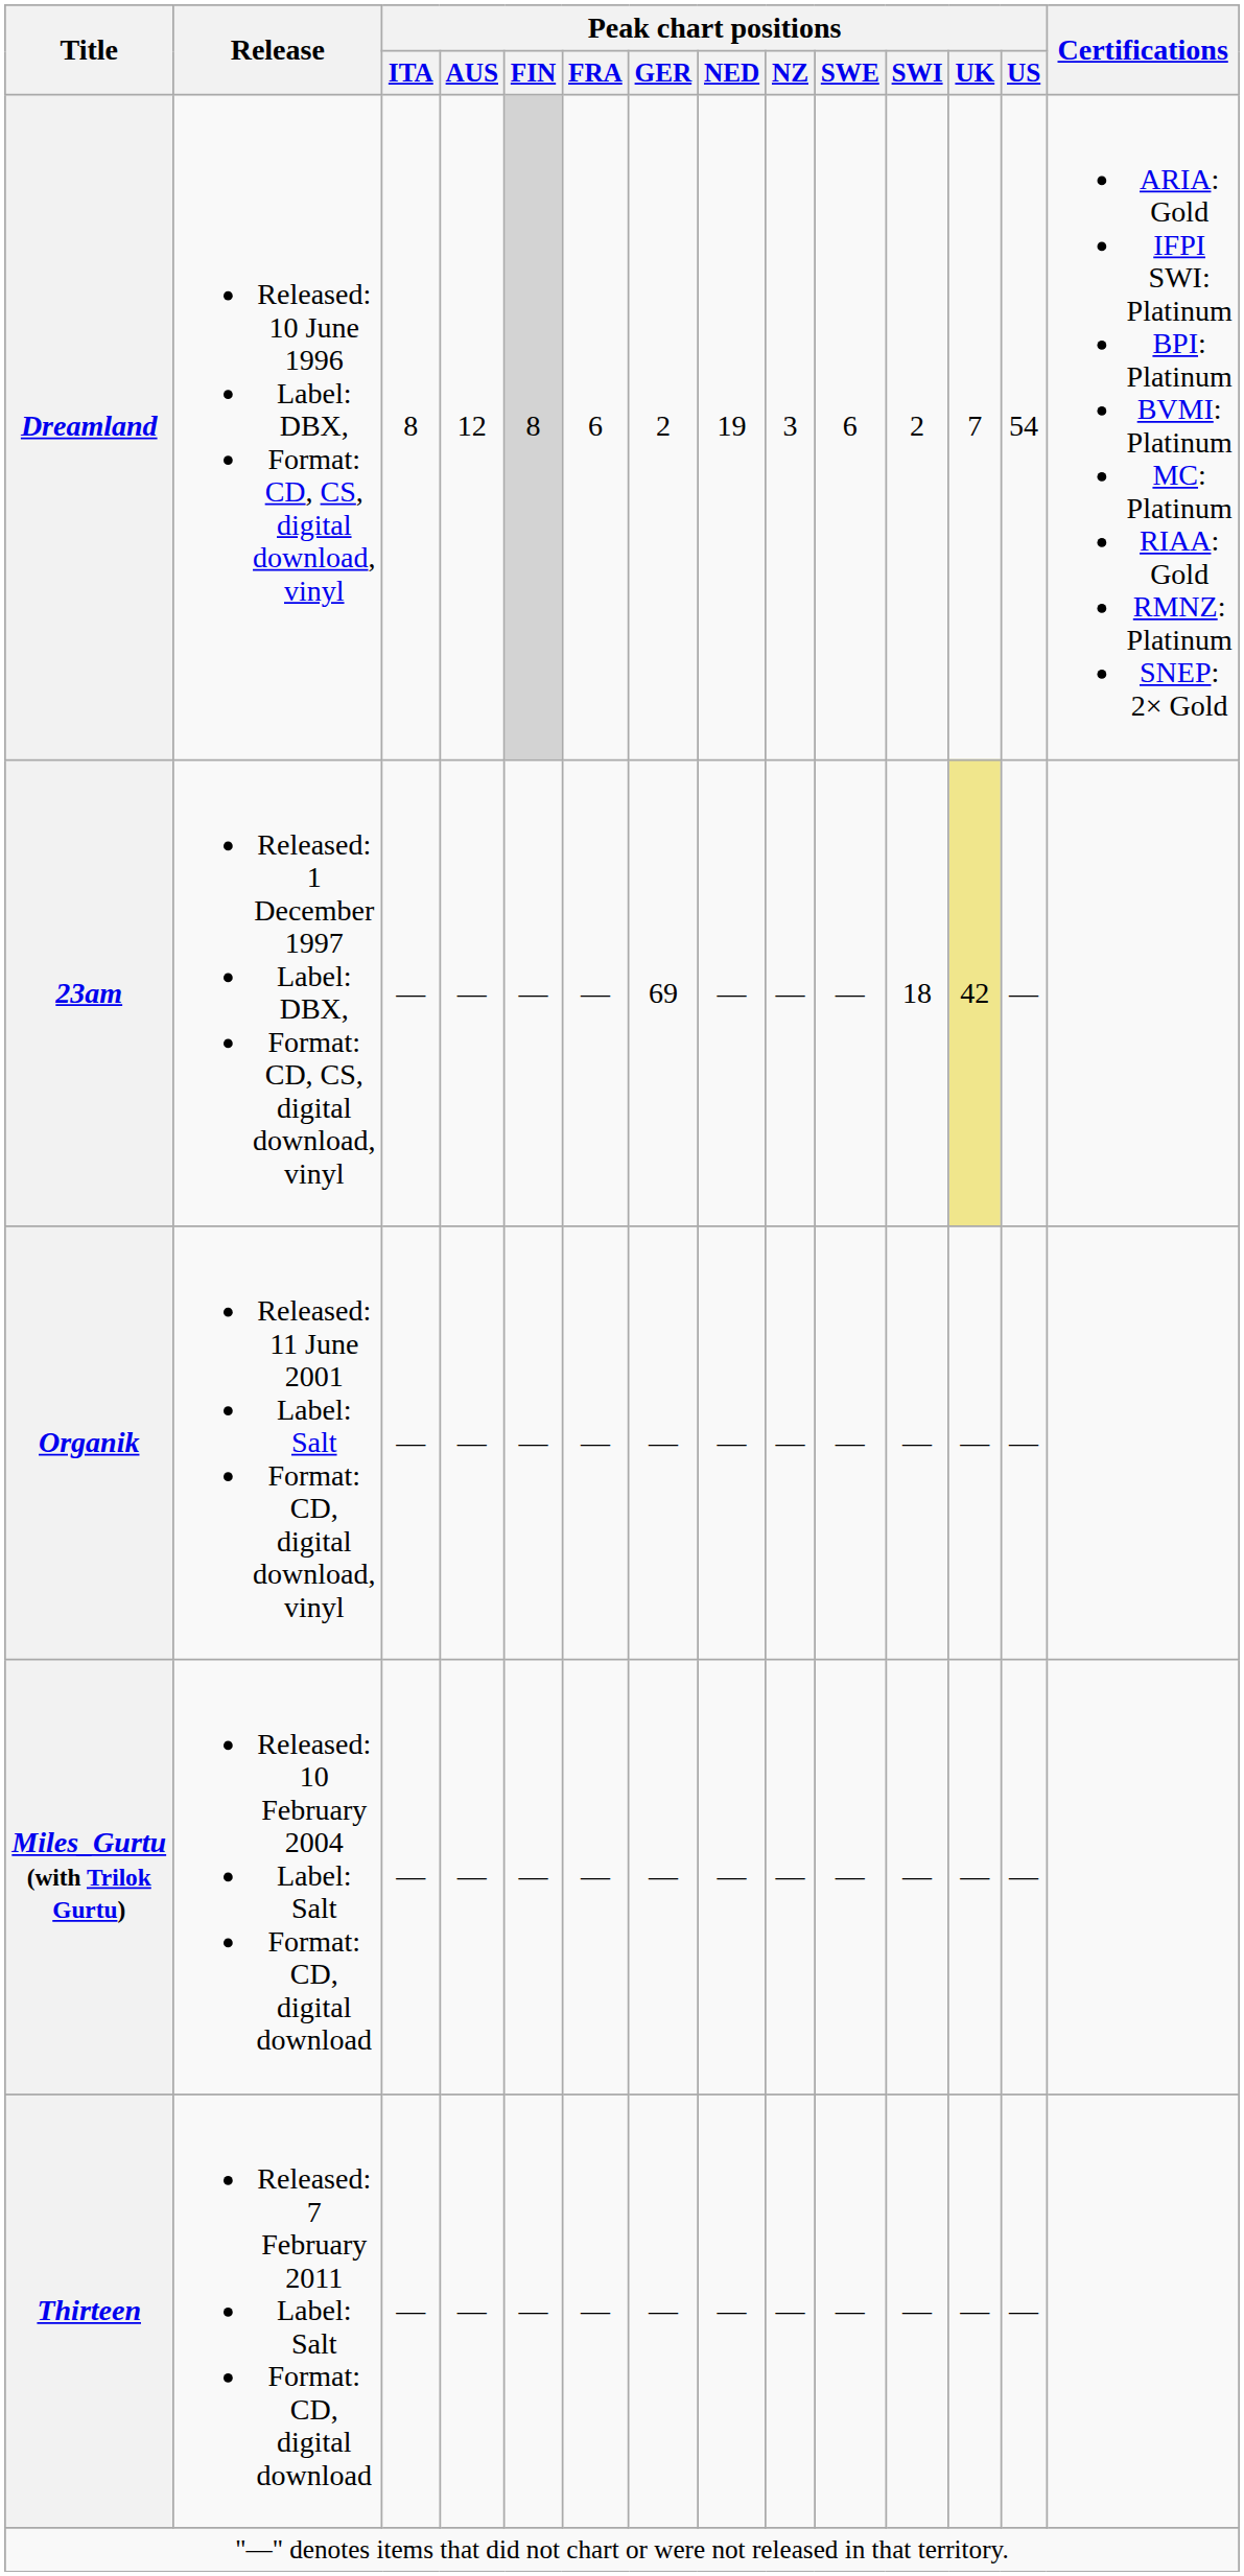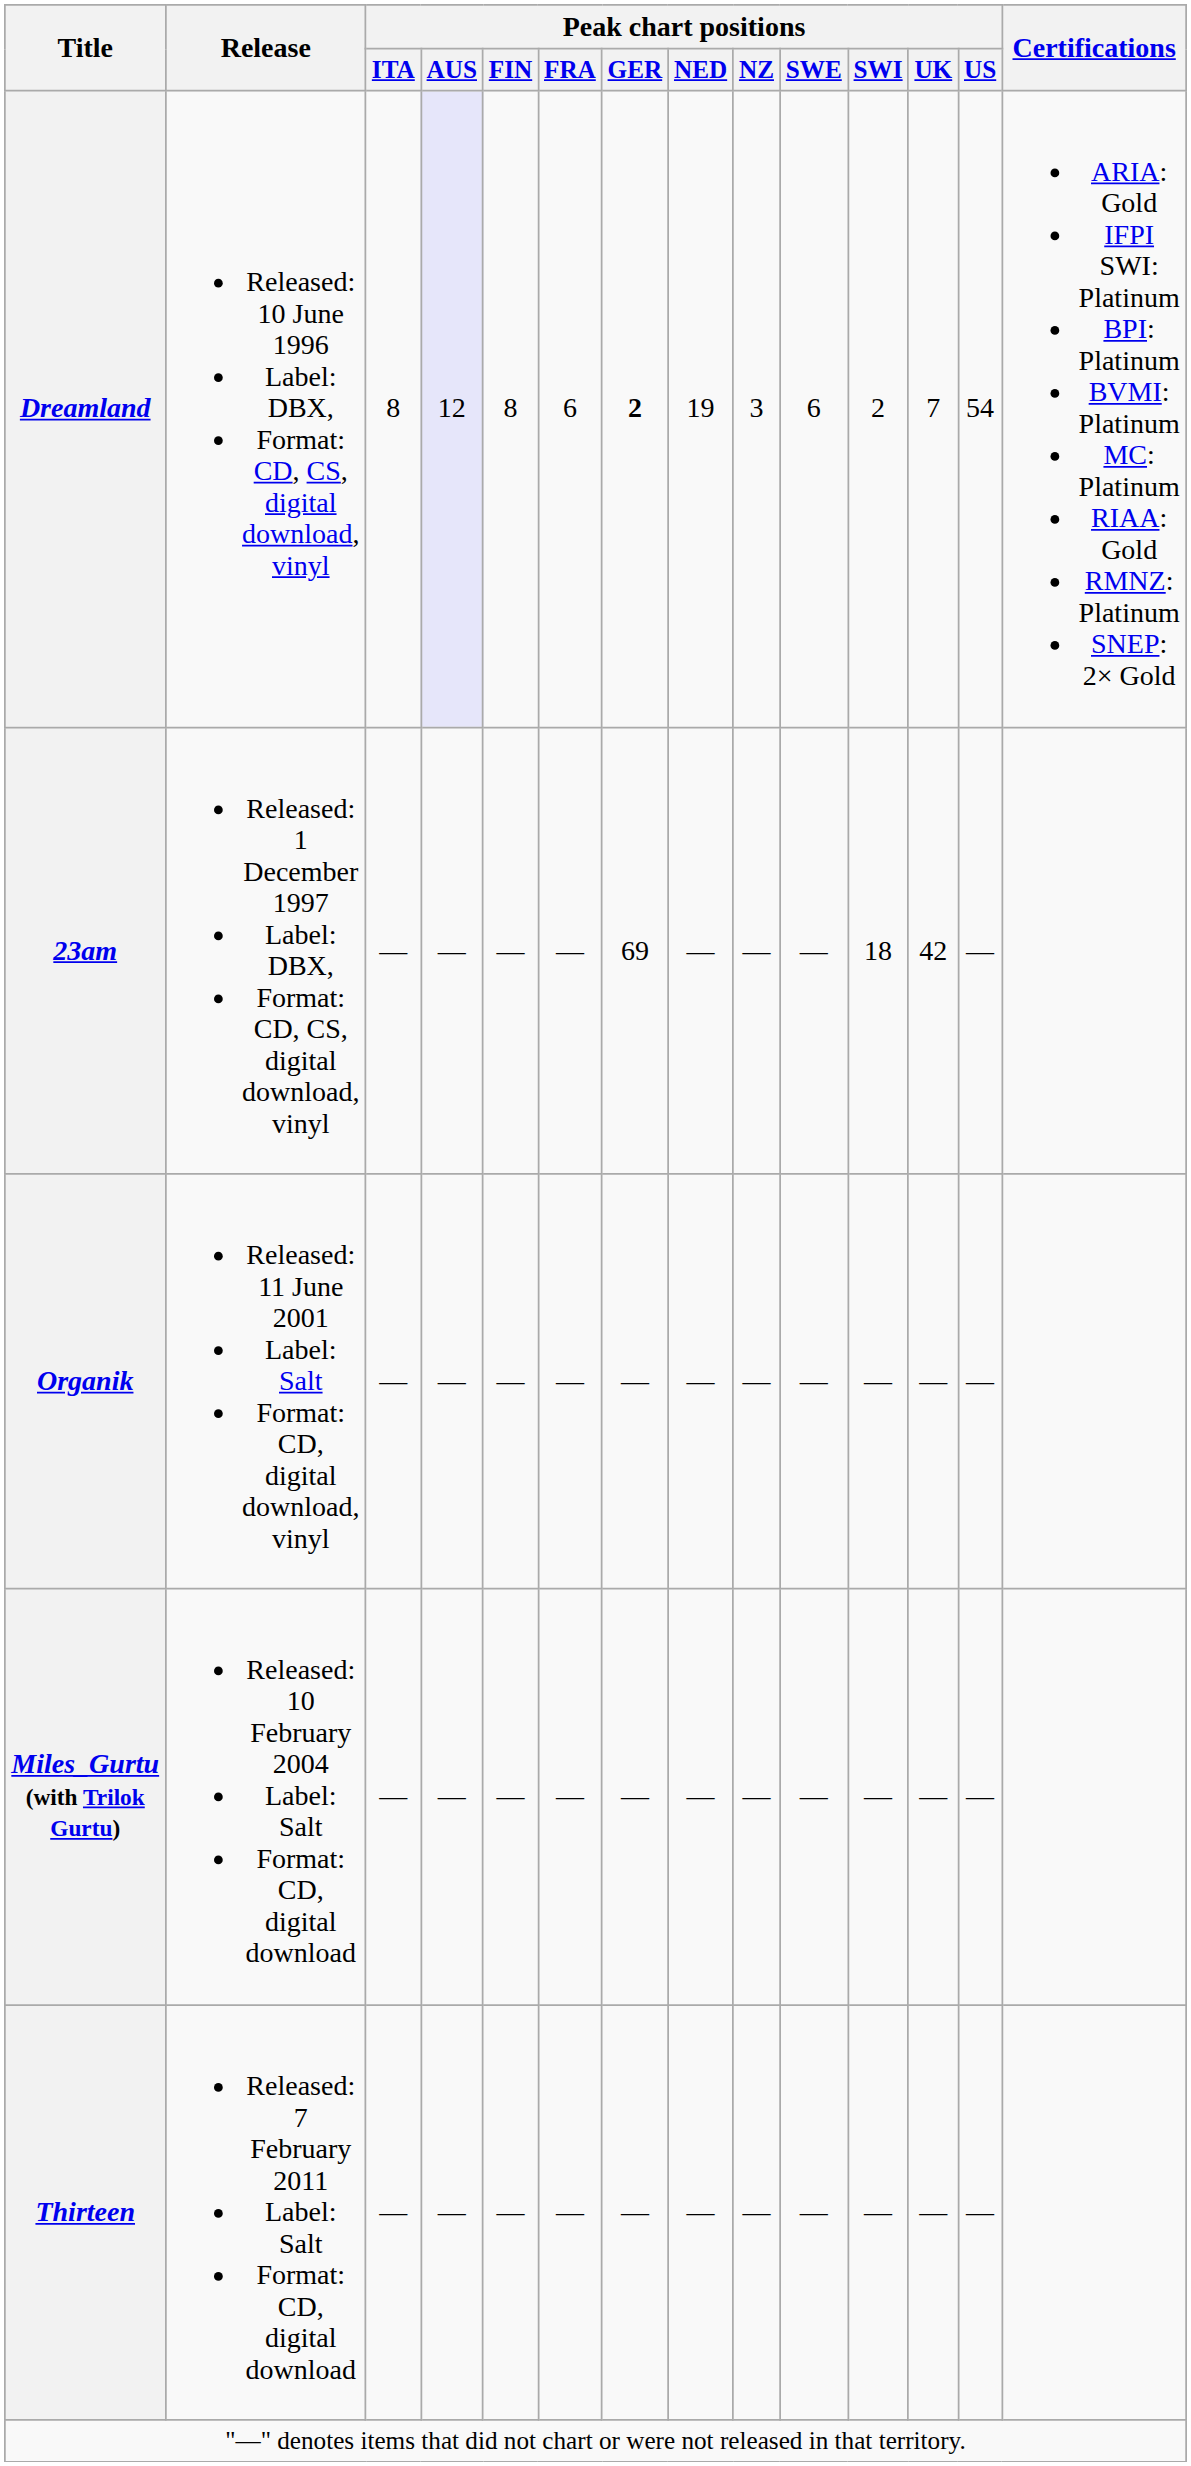 <table class="wikitable plainrowheaders" style="text-align:center;">
 <tr>
 <th scope="col" rowspan="2" style="width:14em;">Title</th>
 <th scope="col" rowspan="2" style="width:16em;">Release</th>
 <th scope="col" colspan="11">Peak chart positions</th>
 <th rowspan="2" style="width:12em;"><a href='#'>Certifications</a></th>
 </tr>
 <tr>
 <th style="width:2.5em;font-size:90%;"><a href='#'>ITA</a><br></th>
 <th style="width:2.5em;font-size:90%;"><a href='#'>AUS</a><br></th>
 <th style="width:2.5em;font-size:90%;"><a href='#'>FIN</a><br></th>
 <th style="width:2.5em;font-size:90%;"><a href='#'>FRA</a><br></th>
 <th style="width:2.5em;font-size:90%;"><a href='#'>GER</a><br></th>
 <th style="width:2.5em;font-size:90%;"><a href='#'>NED</a><br></th>
 <th style="width:2.5em;font-size:90%;"><a href='#'>NZ</a><br></th>
 <th style="width:2.5em;font-size:90%;"><a href='#'>SWE</a><br></th>
 <th style="width:2.5em;font-size:90%;"><a href='#'>SWI</a><br></th>
 <th style="width:2.5em;font-size:90%;"><a href='#'>UK</a><br></th>
 <th style="width:2.5em;font-size:90%;"><a href='#'>US</a><br></th>
 </tr>
 <tr>
 <th scope="row"><em><a href='#'>Dreamland</a></em></th>
 <td><br><ul><li>Released: 10 June 1996</li><li>Label: DBX,</li><li>Format: <a href='#'>CD</a>, <a href='#'>CS</a>, <a href='#'>digital download</a>, <a href='#'>vinyl</a></li></ul></td>
 <td>8</td>
-<td>12</td>
-<td style="background: lightgrey;">8</td>
+<td style="background: lavender;">12</td>
+<td>8</td>
 <td>6</td>
-<td>2</td>
+<td><strong>2</strong></td>
 <td>19</td>
 <td>3</td>
 <td>6</td>
 <td>2</td>
 <td>7</td>
 <td>54</td>
 <td><br><ul><li><a href='#'>ARIA</a>: Gold</li><li><a href='#'>IFPI</a> SWI: Platinum</li><li><a href='#'>BPI</a>: Platinum</li><li><a href='#'>BVMI</a>: Platinum</li><li><a href='#'>MC</a>: Platinum</li><li><a href='#'>RIAA</a>: Gold</li><li><a href='#'>RMNZ</a>: Platinum</li><li><a href='#'>SNEP</a>: 2× Gold</li></ul></td>
 </tr>
 <tr>
 <th scope="row"><em><a href='#'>23am</a></em></th>
 <td><br><ul><li>Released: 1 December 1997</li><li>Label: DBX,</li><li>Format: CD, CS, digital download, vinyl</li></ul></td>
 <td>—</td>
 <td>—</td>
 <td>—</td>
 <td>—</td>
 <td>69</td>
 <td>—</td>
 <td>—</td>
 <td>—</td>
 <td>18</td>
-<td style="background: khaki;">42</td>
+<td>42</td>
 <td>—</td>
 <td></td>
 </tr>
 <tr>
 <th scope="row"><em><a href='#'>Organik</a></em></th>
 <td><br><ul><li>Released: 11 June 2001</li><li>Label: <a href='#'>Salt</a></li><li>Format: CD, digital download, vinyl</li></ul></td>
 <td>—</td>
 <td>—</td>
 <td>—</td>
 <td>—</td>
 <td>—</td>
 <td>—</td>
 <td>—</td>
 <td>—</td>
 <td>—</td>
 <td>—</td>
 <td>—</td>
 <td></td>
 </tr>
 <tr>
 <th scope="row"><em><a href='#'>Miles_Gurtu</a></em><br><small>(with <a href='#'>Trilok Gurtu</a>)</small></th>
 <td><br><ul><li>Released: 10 February 2004</li><li>Label: Salt</li><li>Format: CD, digital download</li></ul></td>
 <td>—</td>
 <td>—</td>
 <td>—</td>
 <td>—</td>
 <td>—</td>
 <td>—</td>
 <td>—</td>
 <td>—</td>
 <td>—</td>
 <td>—</td>
 <td>—</td>
 <td></td>
 </tr>
 <tr>
 <th scope="row"><em><a href='#'>Thirteen</a></em></th>
 <td><br><ul><li>Released: 7 February 2011</li><li>Label: Salt</li><li>Format: CD, digital download</li></ul></td>
 <td>—</td>
 <td>—</td>
 <td>—</td>
 <td>—</td>
 <td>—</td>
 <td>—</td>
 <td>—</td>
 <td>—</td>
 <td>—</td>
 <td>—</td>
 <td>—</td>
 <td></td>
 </tr>
 <tr>
 <td align="center" colspan="15" style="font-size:90%">"—" denotes items that did not chart or were not released in that territory.</td>
 </tr>
 </table>
